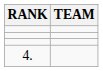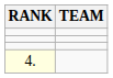 <table class="wikitable">
 <tr>
 <th>RANK</th>
 <th>TEAM</th>
 </tr>
 <tr>
 <td align="center"></td>
 <td></td>
 </tr>
 <tr>
 <td align="center"></td>
 <td></td>
 </tr>
 <tr>
 <td align="center"></td>
 <td></td>
 </tr>
 <tr>
-<td align="center">4.</td>
+<td align="center" style="background: lightyellow;">4.</td>
 <td></td>
 </tr>
 </table>
